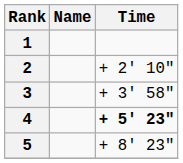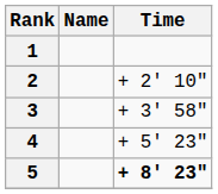 <table class="wikitable">
 <tr>
 <th>Rank</th>
 <th>Name</th>
 <th>Time</th>
 </tr>
 <tr>
 <th style="text-align:center">1</th>
 <td></td>
 <td align="right"></td>
 </tr>
 <tr>
 <th style="text-align:center">2</th>
 <td></td>
 <td align="right">+ 2' 10"</td>
 </tr>
 <tr>
 <th style="text-align:center">3</th>
 <td></td>
 <td align="right">+ 3' 58"</td>
 </tr>
 <tr>
 <th style="text-align:center">4</th>
 <td></td>
-<td align="right"><strong>+ 5' 23"</strong></td>
+<td align="right">+ 5' 23"</td>
 </tr>
 <tr>
 <th style="text-align:center">5</th>
 <td></td>
-<td align="right">+ 8' 23"</td>
+<td align="right"><strong>+ 8' 23"</strong></td>
 </tr>
 <tr>
 </tr>
 </table>
